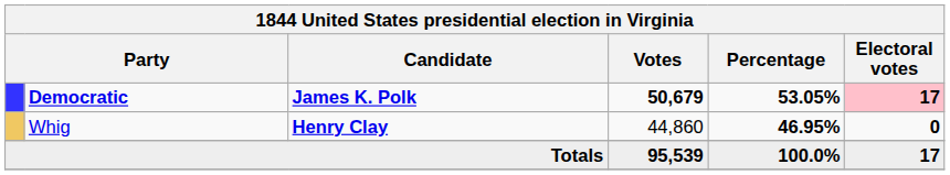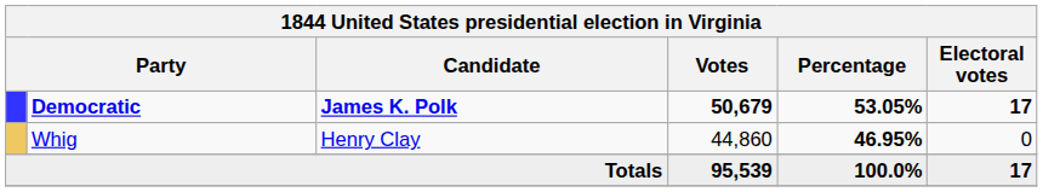 <table class="wikitable" style="font-size: 95%;">
 <tr>
 <th colspan="6">1844 United States presidential election in Virginia</th>
 </tr>
 <tr>
 <th colspan="2" style="width: 15em">Party</th>
 <th style="width: 17em">Candidate</th>
 <th style="width: 5em">Votes</th>
 <th style="width: 7em">Percentage</th>
 <th style="width: 5em">Electoral votes</th>
 </tr>
 <tr>
 <th style="background-color:#3333FF; width: 3px"></th>
 <td style="width: 130px"><strong><a href='#'>Democratic</a></strong></td>
 <td><strong><a href='#'>James K. Polk</a></strong></td>
 <td align="right"><strong>50,679</strong></td>
 <td align="right"><strong>53.05%</strong></td>
-<td align="right" style="background: pink;"><strong>17</strong></td>
+<td align="right"><strong>17</strong></td>
 </tr>
 <tr>
 <th style="background-color:#F0C862; width: 3px"></th>
 <td style="width: 130px"><a href='#'>Whig</a></td>
-<td><strong><a href='#'>Henry Clay</a></strong></td>
+<td><a href='#'>Henry Clay</a></td>
 <td align="right">44,860</td>
 <td align="right"><strong>46.95%</strong></td>
-<td align="right"><strong>0</strong></td>
+<td align="right">0</td>
 </tr>
 <tr>
 </tr>
 <tr bgcolor="#EEEEEE">
 <td colspan="3" align="right"><strong>Totals</strong></td>
 <td align="right"><strong>95,539</strong></td>
 <td align="right"><strong>100.0%</strong></td>
 <td align="right"><strong>17</strong></td>
 </tr>
 <tr>
 </tr>
 </table>
